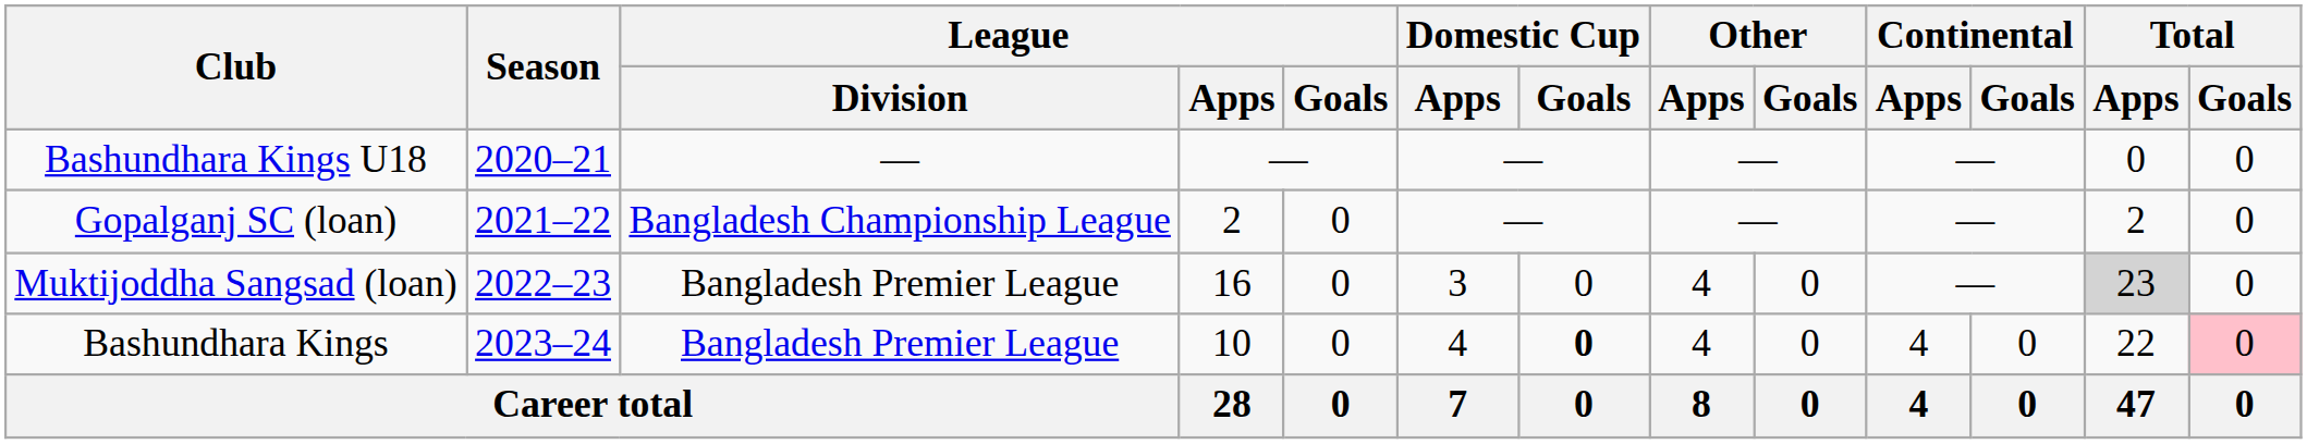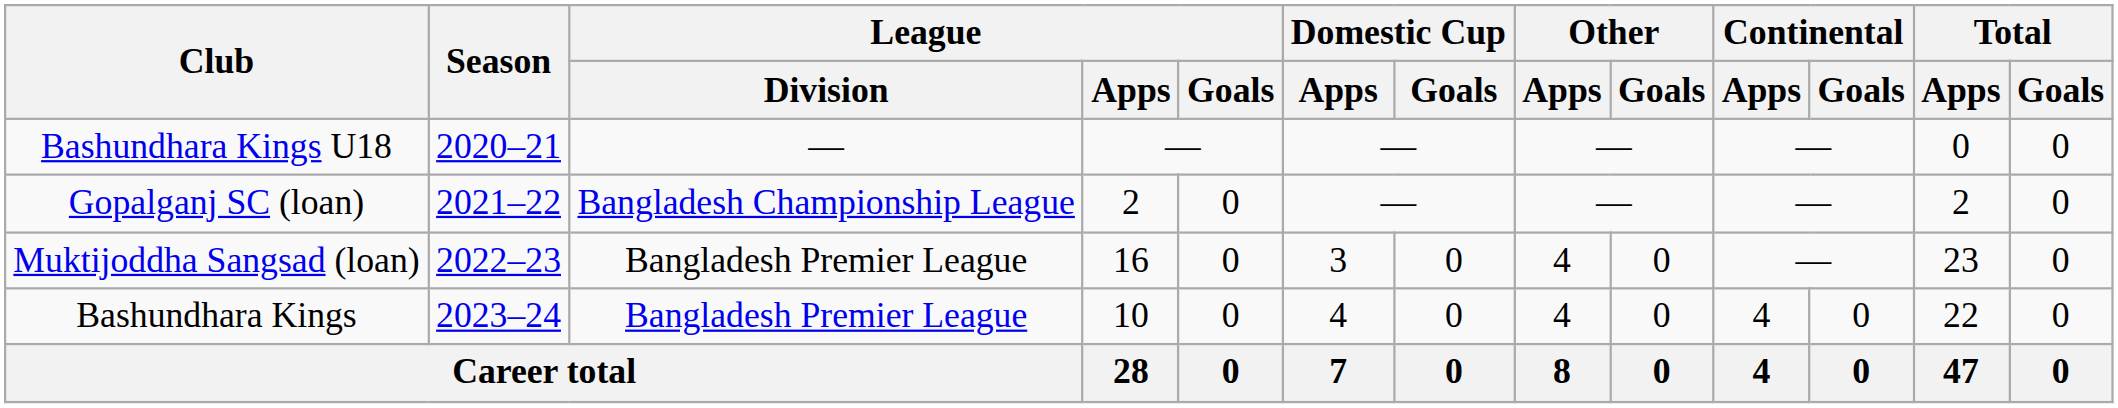 <table class="wikitable" style="text-align:center">
 <tr>
 <th rowspan="2">Club</th>
 <th rowspan="2">Season</th>
 <th colspan="3">League</th>
 <th colspan="2">Domestic Cup</th>
 <th colspan="2">Other</th>
 <th colspan="2">Continental</th>
 <th colspan="2">Total</th>
 </tr>
 <tr>
 <th>Division</th>
 <th>Apps</th>
 <th>Goals</th>
 <th>Apps</th>
 <th>Goals</th>
 <th>Apps</th>
 <th>Goals</th>
 <th>Apps</th>
 <th>Goals</th>
 <th>Apps</th>
 <th>Goals</th>
 </tr>
 <tr>
 <td><a href='#'>Bashundhara Kings</a> U18</td>
 <td><a href='#'>2020–21</a></td>
 <td>—</td>
 <td colspan="2">—</td>
 <td colspan="2">—</td>
 <td colspan="2">—</td>
 <td colspan="2">—</td>
 <td>0</td>
 <td>0</td>
 </tr>
 <tr>
 <td><a href='#'>Gopalganj SC</a> (loan)</td>
 <td><a href='#'>2021–22</a></td>
 <td><a href='#'>Bangladesh Championship League</a></td>
 <td>2</td>
 <td>0</td>
 <td colspan="2">—</td>
 <td colspan="2">—</td>
 <td colspan="2">—</td>
 <td>2</td>
 <td>0</td>
 </tr>
 <tr>
 <td><a href='#'>Muktijoddha Sangsad</a> (loan)</td>
 <td><a href='#'>2022–23</a></td>
 <td>Bangladesh Premier League</td>
 <td>16</td>
 <td>0</td>
 <td>3</td>
 <td>0</td>
 <td>4</td>
 <td>0</td>
 <td colspan="2">—</td>
-<td style="background: lightgrey;">23</td>
+<td>23</td>
 <td>0</td>
 </tr>
 <tr>
 <td>Bashundhara Kings</td>
 <td><a href='#'>2023–24</a></td>
 <td><a href='#'>Bangladesh Premier League</a></td>
 <td>10</td>
 <td>0</td>
 <td>4</td>
-<td><strong>0</strong></td>
+<td>0</td>
 <td>4</td>
 <td>0</td>
 <td>4</td>
 <td>0</td>
 <td>22</td>
-<td style="background: pink;">0</td>
+<td>0</td>
 </tr>
 <tr>
 <th colspan="3">Career total</th>
 <th>28</th>
 <th>0</th>
 <th>7</th>
 <th>0</th>
 <th>8</th>
 <th>0</th>
 <th>4</th>
 <th>0</th>
 <th>47</th>
 <th>0</th>
 </tr>
 </table>
